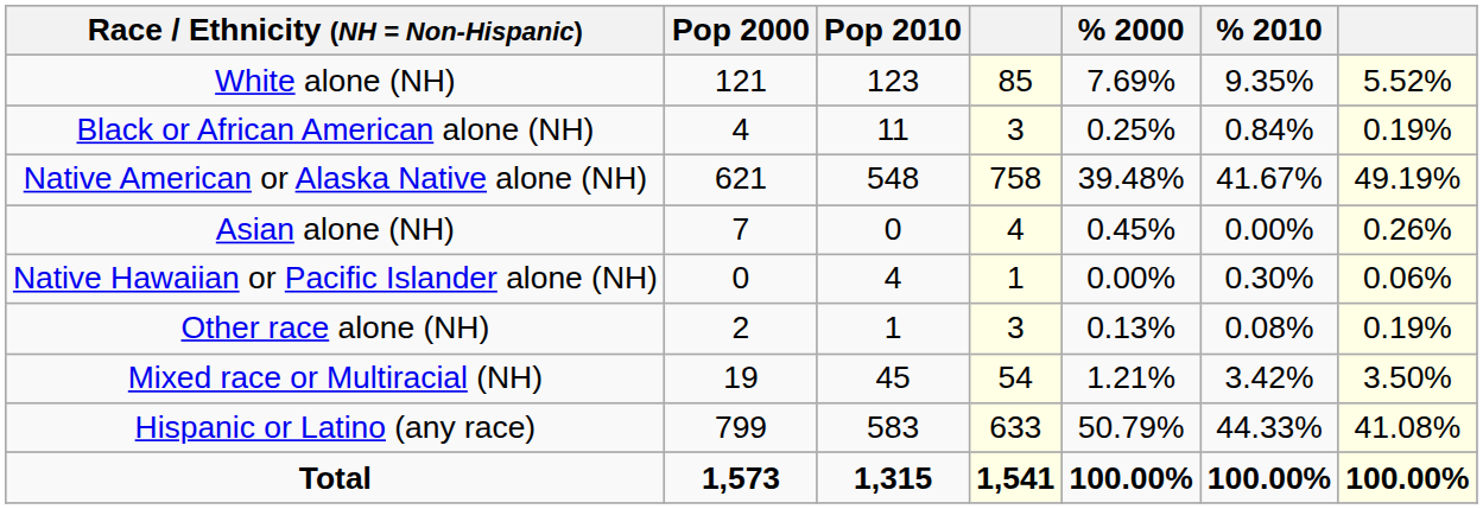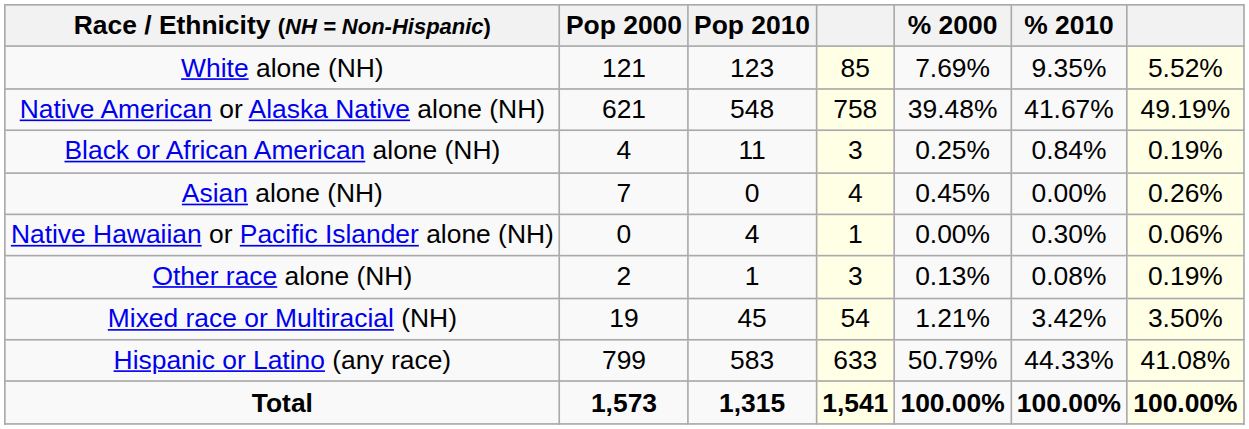 <table class="wikitable" style="text-align:center;">
 <tr>
 <th>Race / Ethnicity <small>(<em>NH = Non-Hispanic</em>)</small></th>
 <th>Pop 2000</th>
 <th>Pop 2010</th>
 <th></th>
 <th>% 2000</th>
 <th>% 2010</th>
 <th></th>
 </tr>
 <tr>
 <td><a href='#'>White</a> alone (NH)</td>
 <td>121</td>
 <td>123</td>
 <td style='background: #ffffe6;'>85</td>
 <td>7.69%</td>
 <td>9.35%</td>
 <td style='background: #ffffe6;'>5.52%</td>
 </tr>
 <tr>
+<td><a href='#'>Native American</a> or <a href='#'>Alaska Native</a> alone (NH)</td>
+<td>621</td>
+<td>548</td>
+<td style='background: #ffffe6;'>758</td>
+<td>39.48%</td>
+<td>41.67%</td>
+<td style='background: #ffffe6;'>49.19%</td>
+</tr>
+<tr>
 <td><a href='#'>Black or African American</a> alone (NH)</td>
 <td>4</td>
 <td>11</td>
 <td style='background: #ffffe6;'>3</td>
 <td>0.25%</td>
 <td>0.84%</td>
 <td style='background: #ffffe6;'>0.19%</td>
-</tr>
-<tr>
-<td><a href='#'>Native American</a> or <a href='#'>Alaska Native</a> alone (NH)</td>
-<td>621</td>
-<td>548</td>
-<td style='background: #ffffe6;'>758</td>
-<td>39.48%</td>
-<td>41.67%</td>
-<td style='background: #ffffe6;'>49.19%</td>
 </tr>
 <tr>
 <td><a href='#'>Asian</a> alone (NH)</td>
 <td>7</td>
 <td>0</td>
 <td style='background: #ffffe6;'>4</td>
 <td>0.45%</td>
 <td>0.00%</td>
 <td style='background: #ffffe6;'>0.26%</td>
 </tr>
 <tr>
 <td><a href='#'>Native Hawaiian</a> or <a href='#'>Pacific Islander</a> alone (NH)</td>
 <td>0</td>
 <td>4</td>
 <td style='background: #ffffe6;'>1</td>
 <td>0.00%</td>
 <td>0.30%</td>
 <td style='background: #ffffe6;'>0.06%</td>
 </tr>
 <tr>
 <td><a href='#'>Other race</a> alone (NH)</td>
 <td>2</td>
 <td>1</td>
 <td style='background: #ffffe6;'>3</td>
 <td>0.13%</td>
 <td>0.08%</td>
 <td style='background: #ffffe6;'>0.19%</td>
 </tr>
 <tr>
 <td><a href='#'>Mixed race or Multiracial</a> (NH)</td>
 <td>19</td>
 <td>45</td>
 <td style='background: #ffffe6;'>54</td>
 <td>1.21%</td>
 <td>3.42%</td>
 <td style='background: #ffffe6;'>3.50%</td>
 </tr>
 <tr>
 <td><a href='#'>Hispanic or Latino</a> (any race)</td>
 <td>799</td>
 <td>583</td>
 <td style='background: #ffffe6;'>633</td>
 <td>50.79%</td>
 <td>44.33%</td>
 <td style='background: #ffffe6;'>41.08%</td>
 </tr>
 <tr>
 <td><strong>Total</strong></td>
 <td><strong>1,573</strong></td>
 <td><strong>1,315</strong></td>
 <td style='background: #ffffe6;'><strong>1,541</strong></td>
 <td><strong>100.00%</strong></td>
 <td><strong>100.00%</strong></td>
 <td style='background: #ffffe6;'><strong>100.00%</strong></td>
 </tr>
 </table>
